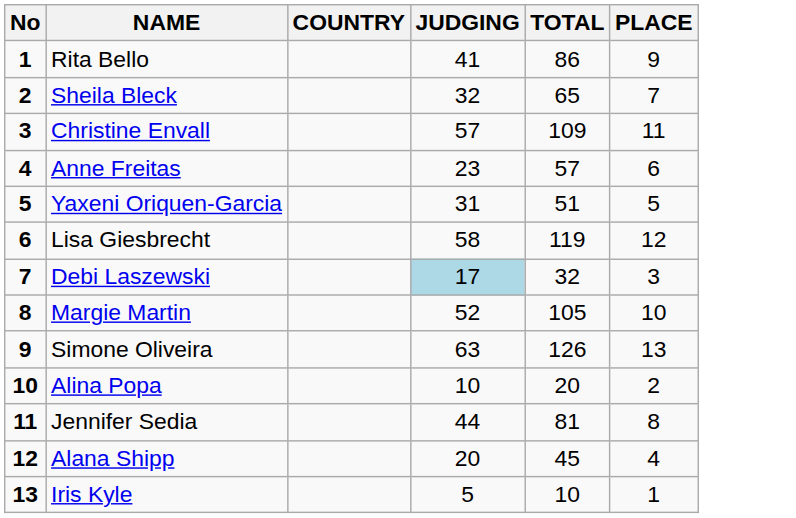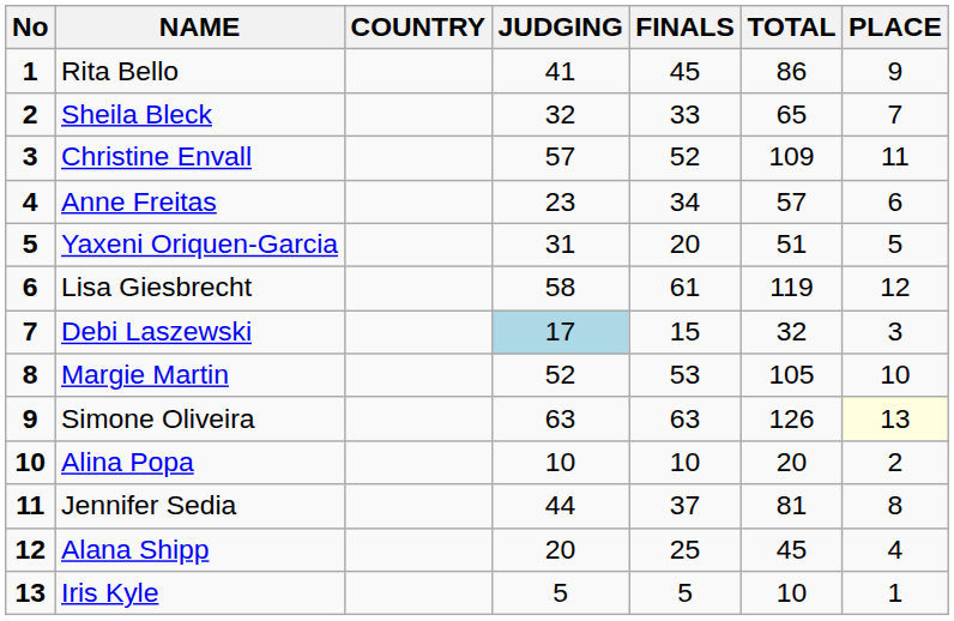 <table class="wikitable">
 <tr>
 <th>No</th>
 <th>NAME</th>
 <th>COUNTRY</th>
 <th>JUDGING</th>
+<th>FINALS</th>
 <th>TOTAL</th>
 <th>PLACE</th>
 </tr>
 <tr>
 <td style="text-align: center"><strong>1</strong></td>
 <td>Rita Bello</td>
 <td></td>
 <td style="text-align: center">41</td>
+<td style="text-align: center">45</td>
 <td style="text-align: center">86</td>
 <td style="text-align: center">9</td>
 </tr>
 <tr>
 <td style="text-align: center"><strong>2</strong></td>
 <td><a href='#'>Sheila Bleck</a></td>
 <td></td>
 <td style="text-align: center">32</td>
+<td style="text-align: center">33</td>
 <td style="text-align: center">65</td>
 <td style="text-align: center">7</td>
 </tr>
 <tr>
 <td style="text-align: center"><strong>3</strong></td>
 <td><a href='#'>Christine Envall</a></td>
 <td></td>
 <td style="text-align: center">57</td>
+<td style="text-align: center">52</td>
 <td style="text-align: center">109</td>
 <td style="text-align: center">11</td>
 </tr>
 <tr>
 <td style="text-align: center"><strong>4</strong></td>
 <td><a href='#'>Anne Freitas</a></td>
 <td></td>
 <td style="text-align: center">23</td>
+<td style="text-align: center">34</td>
 <td style="text-align: center">57</td>
 <td style="text-align: center">6</td>
 </tr>
 <tr>
 <td style="text-align: center"><strong>5</strong></td>
 <td><a href='#'>Yaxeni Oriquen-Garcia</a></td>
 <td></td>
 <td style="text-align: center">31</td>
+<td style="text-align: center">20</td>
 <td style="text-align: center">51</td>
 <td style="text-align: center">5</td>
 </tr>
 <tr>
 <td style="text-align: center"><strong>6</strong></td>
 <td>Lisa Giesbrecht</td>
 <td></td>
 <td style="text-align: center">58</td>
+<td style="text-align: center">61</td>
 <td style="text-align: center">119</td>
 <td style="text-align: center">12</td>
 </tr>
 <tr>
 <td style="text-align: center"><strong>7</strong></td>
 <td><a href='#'>Debi Laszewski</a></td>
 <td></td>
 <td style="background: lightblue; text-align: center">17</td>
+<td style="text-align: center">15</td>
 <td style="text-align: center">32</td>
 <td style="text-align: center">3</td>
 </tr>
 <tr>
 <td style="text-align: center"><strong>8</strong></td>
 <td><a href='#'>Margie Martin</a></td>
 <td></td>
 <td style="text-align: center">52</td>
+<td style="text-align: center">53</td>
 <td style="text-align: center">105</td>
 <td style="text-align: center">10</td>
 </tr>
 <tr>
 <td style="text-align: center"><strong>9</strong></td>
 <td>Simone Oliveira</td>
 <td></td>
 <td style="text-align: center">63</td>
+<td style="text-align: center">63</td>
 <td style="text-align: center">126</td>
-<td style="text-align: center">13</td>
+<td style="background: lightyellow; text-align: center">13</td>
 </tr>
 <tr>
 <td style="text-align: center"><strong>10</strong></td>
 <td><a href='#'>Alina Popa</a></td>
 <td></td>
+<td style="text-align: center">10</td>
 <td style="text-align: center">10</td>
 <td style="text-align: center">20</td>
 <td style="text-align: center">2</td>
 </tr>
 <tr>
 <td style="text-align: center"><strong>11</strong></td>
 <td>Jennifer Sedia</td>
 <td></td>
 <td style="text-align: center">44</td>
+<td style="text-align: center">37</td>
 <td style="text-align: center">81</td>
 <td style="text-align: center">8</td>
 </tr>
 <tr>
 <td style="text-align: center"><strong>12</strong></td>
 <td><a href='#'>Alana Shipp</a></td>
 <td></td>
 <td style="text-align: center">20</td>
+<td style="text-align: center">25</td>
 <td style="text-align: center">45</td>
 <td style="text-align: center">4</td>
 </tr>
 <tr>
 <td style="text-align: center"><strong>13</strong></td>
 <td><a href='#'>Iris Kyle</a></td>
 <td></td>
 <td style="text-align: center">5</td>
+<td style="text-align: center">5</td>
 <td style="text-align: center">10</td>
 <td style="text-align: center">1</td>
 </tr>
 </table>
